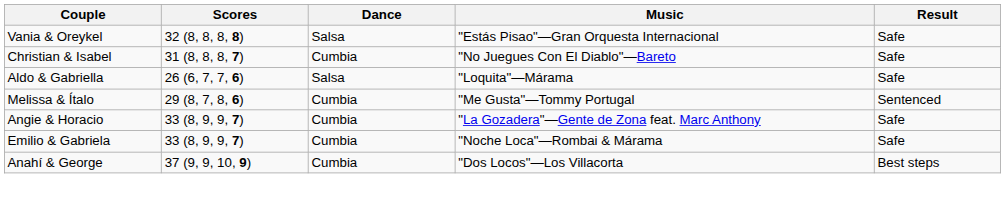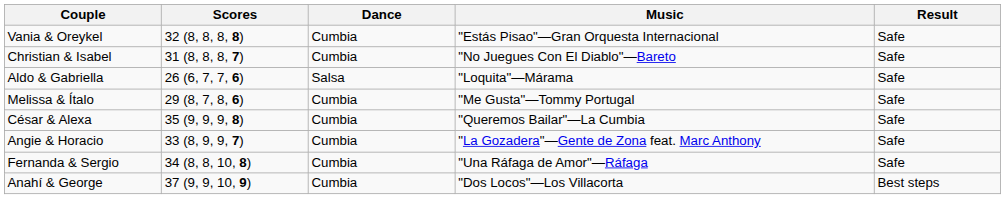 <table class="wikitable sortable" style="width:95%; white-space:nowrap;">
 <tr>
 <th style="width:15%;">Couple</th>
 <th style="width:14%;">Scores</th>
 <th style="width:14%;">Dance</th>
 <th style="width:40%;">Music</th>
 <th style="width:12%;">Result</th>
 </tr>
 <tr>
 <td>Vania & Oreykel</td>
 <td>32 (8, 8, 8, <strong>8</strong>)</td>
-<td>Salsa</td>
+<td>Cumbia</td>
 <td>"Estás Pisao"—Gran Orquesta Internacional</td>
 <td>Safe</td>
 </tr>
 <tr>
 <td>Christian & Isabel</td>
 <td>31 (8, 8, 8, <strong>7</strong>)</td>
 <td>Cumbia</td>
 <td>"No Juegues Con El Diablo"—<a href='#'>Bareto</a></td>
 <td>Safe</td>
 </tr>
 <tr>
 <td>Aldo & Gabriella</td>
 <td>26 (6, 7, 7, <strong>6</strong>)</td>
 <td>Salsa</td>
 <td>"Loquita"—Márama</td>
 <td>Safe</td>
 </tr>
 <tr>
 <td>Melissa & Ítalo</td>
 <td>29 (8, 7, 8, <strong>6</strong>)</td>
 <td>Cumbia</td>
 <td>"Me Gusta"—Tommy Portugal</td>
-<td>Sentenced</td>
+<td>Safe</td>
+</tr>
+<tr>
+<td>César & Alexa</td>
+<td>35 (9, 9, 9, <strong>8</strong>)</td>
+<td>Cumbia</td>
+<td>"Queremos Bailar"—La Cumbia</td>
+<td>Safe</td>
 </tr>
 <tr>
 <td>Angie & Horacio</td>
 <td>33 (8, 9, 9, <strong>7</strong>)</td>
 <td>Cumbia</td>
 <td>"<a href='#'>La Gozadera</a>"—<a href='#'>Gente de Zona</a> feat. <a href='#'>Marc Anthony</a></td>
 <td>Safe</td>
 </tr>
 <tr>
-<td>Emilio & Gabriela</td>
-<td>33 (8, 9, 9, <strong>7</strong>)</td>
+<td>Fernanda & Sergio</td>
+<td>34 (8, 8, 10, <strong>8</strong>)</td>
 <td>Cumbia</td>
-<td>"Noche Loca"—Rombai & Márama</td>
+<td>"Una Ráfaga de Amor"—<a href='#'>Ráfaga</a></td>
 <td>Safe</td>
 </tr>
 <tr>
 <td>Anahí & George</td>
 <td>37 (9, 9, 10, <strong>9</strong>)</td>
 <td>Cumbia</td>
 <td>"Dos Locos"—Los Villacorta</td>
 <td>Best steps</td>
 </tr>
 </table>
